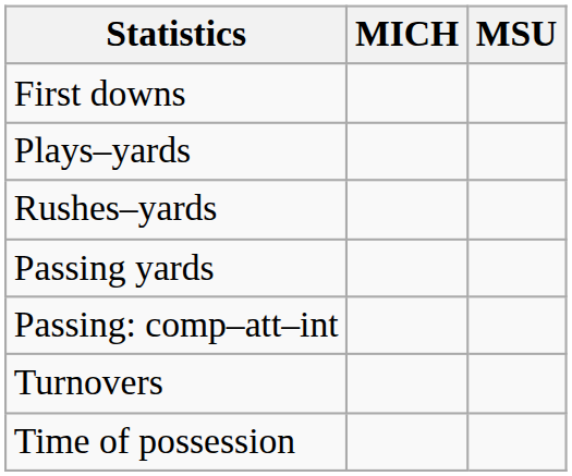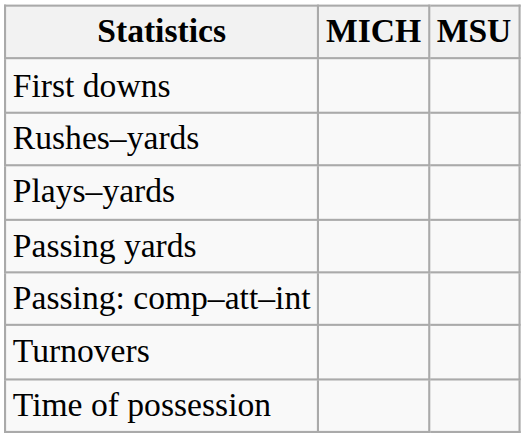 <table class="wikitable" style="float:left">
 <tr>
 <th>Statistics</th>
 <th>MICH</th>
 <th>MSU</th>
 </tr>
 <tr>
 <td>First downs</td>
 <td></td>
 <td></td>
 </tr>
 <tr>
-<td>Plays–yards</td>
+<td>Rushes–yards</td>
 <td></td>
 <td></td>
 </tr>
 <tr>
-<td>Rushes–yards</td>
+<td>Plays–yards</td>
 <td></td>
 <td></td>
 </tr>
 <tr>
 <td>Passing yards</td>
 <td></td>
 <td></td>
 </tr>
 <tr>
 <td>Passing: comp–att–int</td>
 <td></td>
 <td></td>
 </tr>
 <tr>
 <td>Turnovers</td>
 <td></td>
 <td></td>
 </tr>
 <tr>
 <td>Time of possession</td>
 <td></td>
 <td></td>
 </tr>
 </table>
